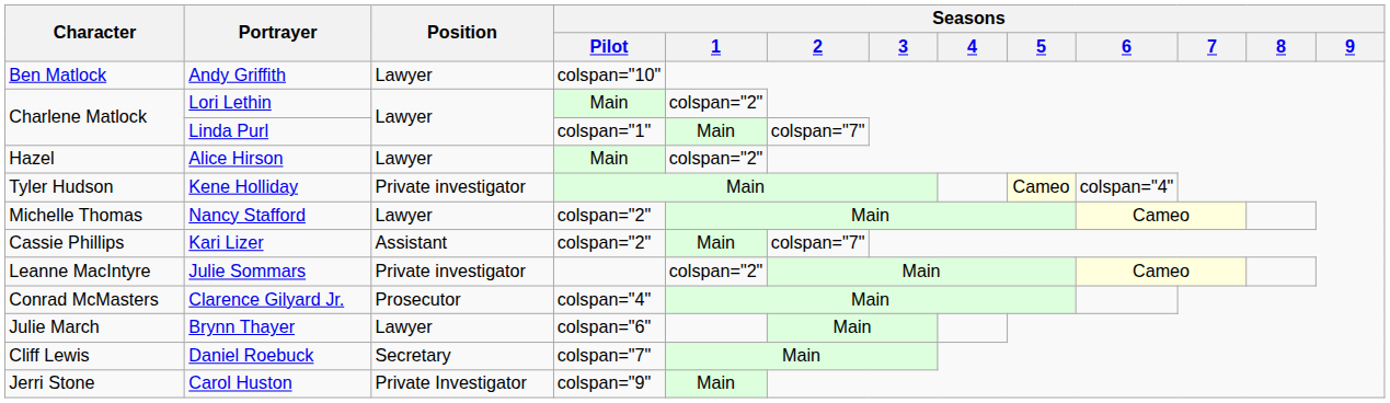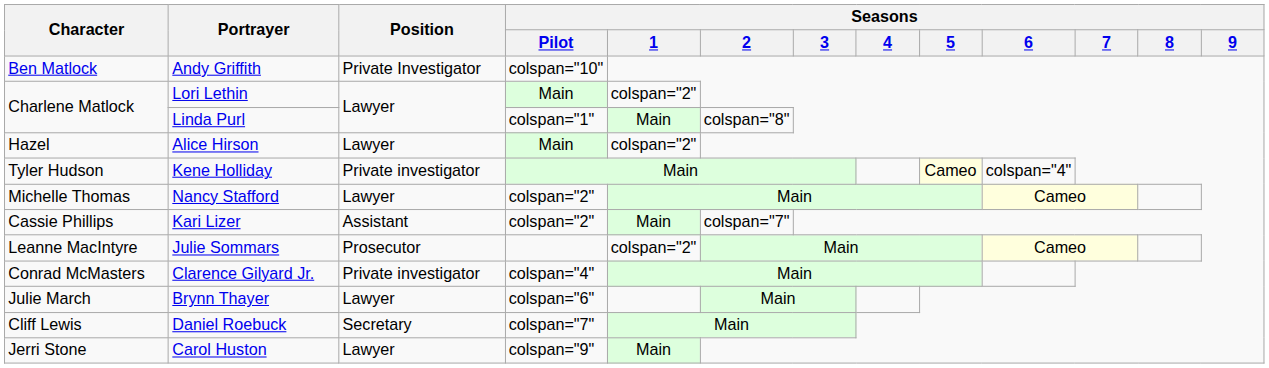 <table class="wikitable">
 <tr>
 <th rowspan="2">Character</th>
 <th ! rowspan="2">Portrayer</th>
 <th ! rowspan="2">Position</th>
 <th ! colspan="10">Seasons</th>
 </tr>
 <tr>
 <th width="5%"><a href='#'>Pilot</a></th>
 <th width="5%"><a href='#'>1</a></th>
 <th width="5%"><a href='#'>2</a></th>
 <th width="5%"><a href='#'>3</a></th>
 <th width="5%"><a href='#'>4</a></th>
 <th width="5%"><a href='#'>5</a></th>
 <th width="5%"><a href='#'>6</a></th>
 <th width="5%"><a href='#'>7</a></th>
 <th width="5%"><a href='#'>8</a></th>
 <th width="5%"><a href='#'>9</a></th>
 </tr>
 <tr>
 <td><a href='#'>Ben Matlock</a></td>
 <td><a href='#'>Andy Griffith</a></td>
-<td>Lawyer</td>
+<td>Private Investigator</td>
 <td>colspan="10" </td>
 </tr>
 <tr>
 <td rowspan="2">Charlene Matlock</td>
 <td><a href='#'>Lori Lethin</a></td>
 <td rowspan="2">Lawyer</td>
 <td style="background:#dfd;text-align:center;">Main</td>
 <td>colspan="2" </td>
 </tr>
 <tr>
 <td><a href='#'>Linda Purl</a></td>
 <td>colspan="1" </td>
 <td style="background:#dfd;text-align:center;">Main</td>
-<td>colspan="7" </td>
+<td>colspan="8" </td>
 </tr>
 <tr>
 <td>Hazel</td>
 <td><a href='#'>Alice Hirson</a></td>
 <td>Lawyer</td>
 <td style="background:#dfd;text-align:center;">Main</td>
 <td>colspan="2" </td>
 </tr>
 <tr>
 <td>Tyler Hudson</td>
 <td><a href='#'>Kene Holliday</a></td>
 <td>Private investigator</td>
 <td colspan="4"  style="background:#dfd;text-align:center;">Main</td>
 <td></td>
 <td style="background:#ffd; text-align:center;">Cameo</td>
 <td>colspan="4" </td>
 </tr>
 <tr>
 <td>Michelle Thomas</td>
 <td><a href='#'>Nancy Stafford</a></td>
 <td>Lawyer</td>
 <td>colspan="2" </td>
 <td colspan="5"  style="background:#dfd; text-align:center;">Main</td>
 <td colspan="2" style="background:#ffd; text-align:center;">Cameo</td>
 <td></td>
 </tr>
 <tr>
 <td>Cassie Phillips</td>
 <td><a href='#'>Kari Lizer</a></td>
 <td>Assistant</td>
 <td>colspan="2" </td>
 <td style="background:#dfd; text-align:center;">Main</td>
 <td>colspan="7" </td>
 </tr>
 <tr>
 <td>Leanne MacIntyre</td>
 <td><a href='#'>Julie Sommars</a></td>
-<td>Private investigator</td>
+<td>Prosecutor</td>
 <td></td>
 <td>colspan="2" </td>
 <td colspan="4"  style="background:#dfd; text-align:center;">Main</td>
 <td colspan="2" style="background:#ffd; text-align:center;">Cameo</td>
 <td></td>
 </tr>
 <tr>
 <td>Conrad McMasters</td>
 <td><a href='#'>Clarence Gilyard Jr.</a></td>
-<td>Prosecutor</td>
+<td>Private investigator</td>
 <td>colspan="4" </td>
 <td colspan="5"  style="background:#dfd; text-align:center;">Main</td>
 <td></td>
 </tr>
 <tr>
 <td>Julie March</td>
 <td><a href='#'>Brynn Thayer</a></td>
 <td>Lawyer</td>
 <td>colspan="6" </td>
 <td></td>
 <td colspan="2"  style="background:#dfd; text-align:center;">Main</td>
 <td></td>
 </tr>
 <tr>
 <td>Cliff Lewis</td>
 <td><a href='#'>Daniel Roebuck</a></td>
 <td>Secretary</td>
 <td>colspan="7" </td>
 <td colspan="3"  style="background:#dfd; text-align:center;">Main</td>
 </tr>
 <tr>
 <td>Jerri Stone</td>
 <td><a href='#'>Carol Huston</a></td>
-<td>Private Investigator</td>
+<td>Lawyer</td>
 <td>colspan="9" </td>
 <td style="background:#dfd; text-align:center;">Main</td>
 </tr>
 </table>
